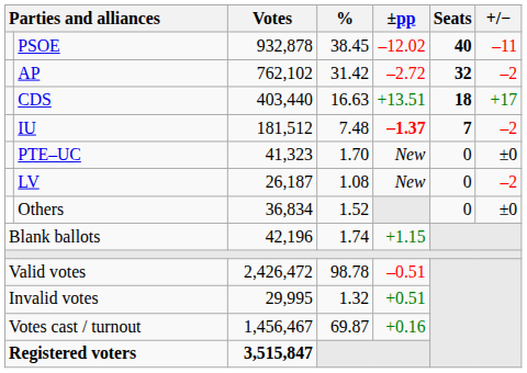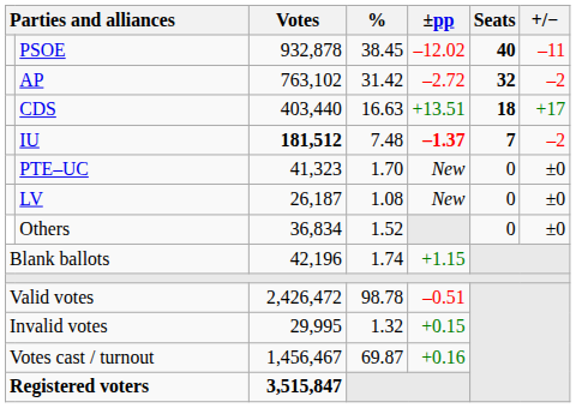 <table class="wikitable" style="text-align:right;">
 <tr>
 <th style="text-align:left;" colspan="2" width="200">Parties and alliances</th>
 <th width="75">Votes</th>
 <th width="45">%</th>
 <th width="45">±<a href='#'>pp</a></th>
 <th width="35">Seats</th>
 <th width="35">+/−</th>
 </tr>
 <tr>
 <td width="1" style="color:inherit;background:"></td>
 <td align="left"><a href='#'>PSOE</a></td>
 <td>932,878</td>
 <td>38.45</td>
 <td style="color:red;">–12.02</td>
 <td><strong>40</strong></td>
 <td style="color:red;">–11</td>
 </tr>
 <tr>
 <td style="color:inherit;background:"></td>
 <td align="left"><a href='#'>AP</a></td>
-<td>762,102</td>
+<td>763,102</td>
 <td>31.42</td>
 <td style="color:red;">–2.72</td>
 <td><strong>32</strong></td>
 <td style="color:red;">–2</td>
 </tr>
 <tr>
 <td style="color:inherit;background:"></td>
 <td align="left"><a href='#'>CDS</a></td>
 <td>403,440</td>
 <td>16.63</td>
 <td style="color:green;">+13.51</td>
 <td><strong>18</strong></td>
 <td style="color:green;">+17</td>
 </tr>
 <tr>
 <td style="color:inherit;background:"></td>
 <td align="left"><a href='#'>IU</a></td>
-<td>181,512</td>
+<td><strong>181,512</strong></td>
 <td>7.48</td>
 <td style="color:red;"><strong>–1.37</strong></td>
 <td><strong>7</strong></td>
 <td style="color:red;">–2</td>
 </tr>
 <tr>
 <td style="color:inherit;background:"></td>
 <td align="left"><a href='#'>PTE–UC</a></td>
 <td>41,323</td>
 <td>1.70</td>
 <td><em>New</em></td>
 <td>0</td>
 <td>±0</td>
 </tr>
 <tr>
 <td style="color:inherit;background:"></td>
 <td align="left"><a href='#'>LV</a></td>
 <td>26,187</td>
 <td>1.08</td>
 <td><em>New</em></td>
 <td>0</td>
-<td style="color:red;">–2</td>
+<td>±0</td>
 </tr>
 <tr>
 <td bgcolor="white"></td>
 <td align="left">Others</td>
 <td>36,834</td>
 <td>1.52</td>
 <td bgcolor="#E9E9E9"></td>
 <td>0</td>
 <td>±0</td>
 </tr>
 <tr>
 <td align="left" colspan="2">Blank ballots</td>
 <td>42,196</td>
 <td>1.74</td>
 <td style="color:green;">+1.15</td>
 <td bgcolor="#E9E9E9" colspan="2"></td>
 </tr>
 <tr>
 <td colspan="7" bgcolor="#E9E9E9"></td>
 </tr>
 <tr>
 <td align="left" colspan="2">Valid votes</td>
 <td>2,426,472</td>
 <td>98.78</td>
 <td style="color:red;">–0.51</td>
 <td bgcolor="#E9E9E9" colspan="2" rowspan="4"></td>
 </tr>
 <tr>
 <td align="left" colspan="2">Invalid votes</td>
 <td>29,995</td>
 <td>1.32</td>
-<td style="color:green;">+0.51</td>
+<td style="color:green;">+0.15</td>
 </tr>
 <tr>
 <td align="left" colspan="2">Votes cast / turnout</td>
 <td>1,456,467</td>
 <td>69.87</td>
 <td style="color:green;">+0.16</td>
 </tr>
 <tr style="font-weight:bold;">
 <td align="left" colspan="2">Registered voters</td>
 <td>3,515,847</td>
 <td bgcolor="#E9E9E9" colspan="2"></td>
 </tr>
 </table>
